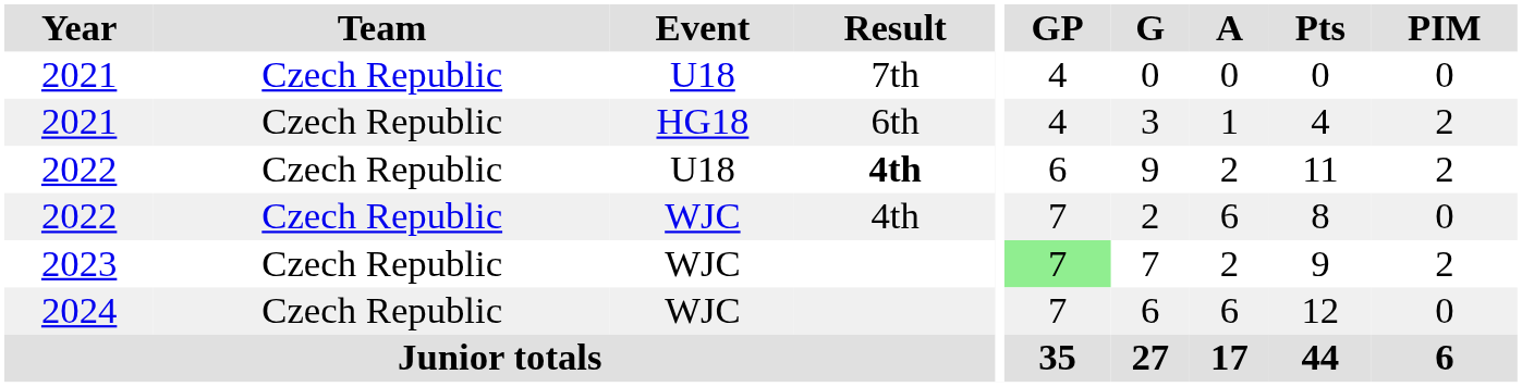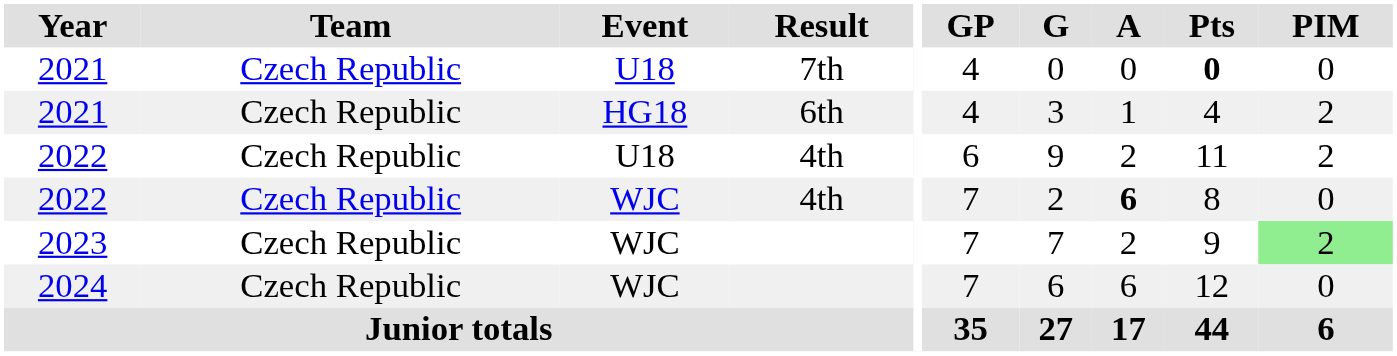 <table border="0" cellpadding="1" cellspacing="0" ID="Table3" style="text-align:center; width:40em;">
 <tr bgcolor="#e0e0e0">
 <th>Year</th>
 <th>Team</th>
 <th>Event</th>
 <th>Result</th>
 <th rowspan="102" bgcolor="#ffffff"></th>
 <th>GP</th>
 <th>G</th>
 <th>A</th>
 <th>Pts</th>
 <th>PIM</th>
 </tr>
 <tr>
 <td><a href='#'>2021</a></td>
 <td><a href='#'>Czech Republic</a></td>
 <td><a href='#'>U18</a></td>
 <td>7th</td>
 <td>4</td>
 <td>0</td>
 <td>0</td>
-<td>0</td>
+<td><strong>0</strong></td>
 <td>0</td>
 </tr>
 <tr bgcolor="#f0f0f0">
 <td><a href='#'>2021</a></td>
 <td>Czech Republic</td>
 <td><a href='#'>HG18</a></td>
 <td>6th</td>
 <td>4</td>
 <td>3</td>
 <td>1</td>
 <td>4</td>
 <td>2</td>
 </tr>
 <tr>
 <td><a href='#'>2022</a></td>
 <td>Czech Republic</td>
 <td>U18</td>
-<td><strong>4th</strong></td>
+<td>4th</td>
 <td>6</td>
 <td>9</td>
 <td>2</td>
 <td>11</td>
 <td>2</td>
 </tr>
 <tr bgcolor="#f0f0f0">
 <td><a href='#'>2022</a></td>
 <td><a href='#'>Czech Republic</a></td>
 <td><a href='#'>WJC</a></td>
 <td>4th</td>
 <td>7</td>
 <td>2</td>
-<td>6</td>
+<td><strong>6</strong></td>
 <td>8</td>
 <td>0</td>
 </tr>
 <tr>
 <td><a href='#'>2023</a></td>
 <td>Czech Republic</td>
 <td>WJC</td>
 <td></td>
-<td style="background: lightgreen;">7</td>
+<td>7</td>
 <td>7</td>
 <td>2</td>
 <td>9</td>
-<td>2</td>
+<td style="background: lightgreen;">2</td>
 </tr>
 <tr bgcolor="#f0f0f0">
 <td><a href='#'>2024</a></td>
 <td>Czech Republic</td>
 <td>WJC</td>
 <td></td>
 <td>7</td>
 <td>6</td>
 <td>6</td>
 <td>12</td>
 <td>0</td>
 </tr>
 <tr bgcolor="#e0e0e0">
 <th colspan="4">Junior totals</th>
 <th>35</th>
 <th>27</th>
 <th>17</th>
 <th>44</th>
 <th>6</th>
 </tr>
 </table>
